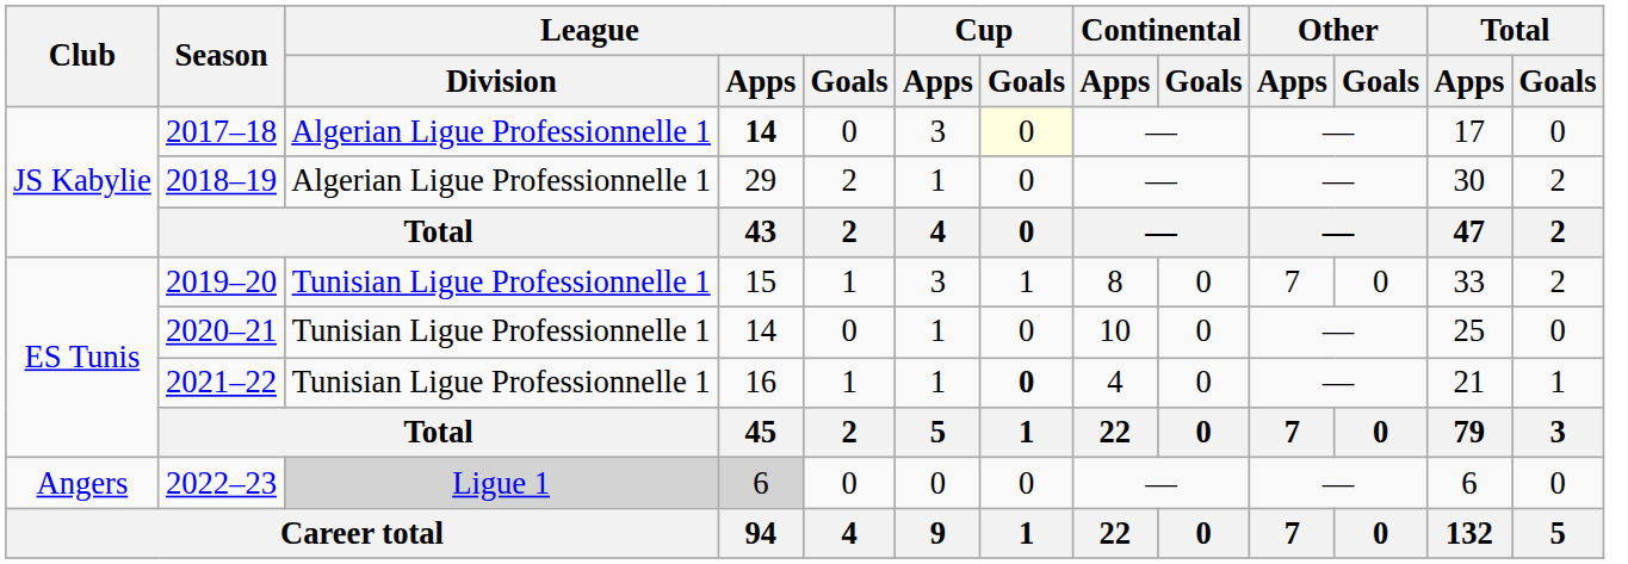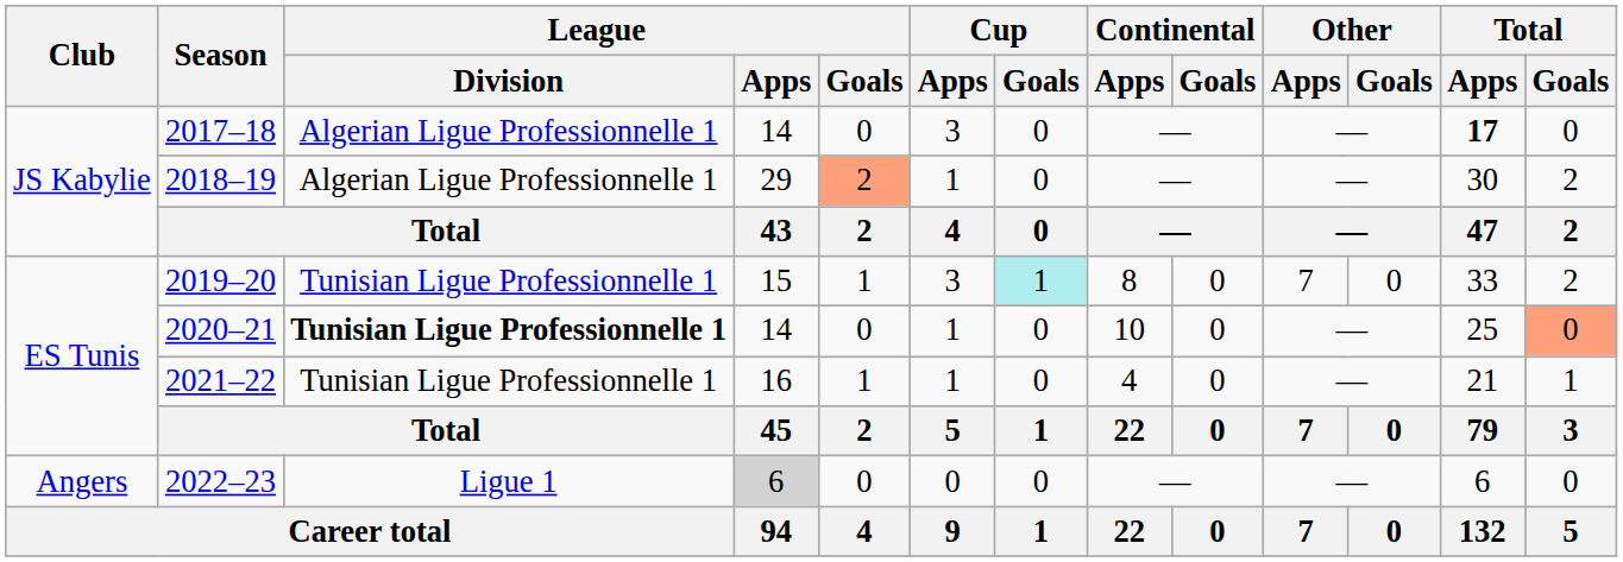 <table class="wikitable" style="text-align:center">
 <tr>
 <th rowspan="2">Club</th>
 <th rowspan="2">Season</th>
 <th colspan="3">League</th>
 <th colspan="2">Cup</th>
 <th colspan="2">Continental</th>
 <th colspan="2">Other</th>
 <th colspan="2">Total</th>
 </tr>
 <tr>
 <th>Division</th>
 <th>Apps</th>
 <th>Goals</th>
 <th>Apps</th>
 <th>Goals</th>
 <th>Apps</th>
 <th>Goals</th>
 <th>Apps</th>
 <th>Goals</th>
 <th>Apps</th>
 <th>Goals</th>
 </tr>
 <tr>
 <td rowspan="3"><a href='#'>JS Kabylie</a></td>
 <td><a href='#'>2017–18</a></td>
 <td><a href='#'>Algerian Ligue Professionnelle 1</a></td>
-<td><strong>14</strong></td>
+<td>14</td>
 <td>0</td>
 <td>3</td>
-<td style="background: lightyellow;">0</td>
+<td>0</td>
 <td colspan="2">—</td>
 <td colspan="2">—</td>
-<td>17</td>
+<td><strong>17</strong></td>
 <td>0</td>
 </tr>
 <tr>
 <td><a href='#'>2018–19</a></td>
 <td>Algerian Ligue Professionnelle 1</td>
 <td>29</td>
-<td>2</td>
+<td style="background: lightsalmon;">2</td>
 <td>1</td>
 <td>0</td>
 <td colspan="2">—</td>
 <td colspan="2">—</td>
 <td>30</td>
 <td>2</td>
 </tr>
 <tr>
 <th colspan="2">Total</th>
 <th>43</th>
 <th>2</th>
 <th>4</th>
 <th>0</th>
 <th colspan="2">—</th>
 <th colspan="2">—</th>
 <th>47</th>
 <th>2</th>
 </tr>
 <tr>
 <td rowspan="4"><a href='#'>ES Tunis</a></td>
 <td><a href='#'>2019–20</a></td>
 <td><a href='#'>Tunisian Ligue Professionnelle 1</a></td>
 <td>15</td>
 <td>1</td>
 <td>3</td>
-<td>1</td>
+<td style="background: paleturquoise;">1</td>
 <td>8</td>
 <td>0</td>
 <td>7</td>
 <td>0</td>
 <td>33</td>
 <td>2</td>
 </tr>
 <tr>
 <td><a href='#'>2020–21</a></td>
-<td>Tunisian Ligue Professionnelle 1</td>
+<td><strong>Tunisian Ligue Professionnelle 1</strong></td>
 <td>14</td>
 <td>0</td>
 <td>1</td>
 <td>0</td>
 <td>10</td>
 <td>0</td>
 <td colspan="2">—</td>
 <td>25</td>
-<td>0</td>
+<td style="background: lightsalmon;">0</td>
 </tr>
 <tr>
 <td><a href='#'>2021–22</a></td>
 <td>Tunisian Ligue Professionnelle 1</td>
 <td>16</td>
 <td>1</td>
 <td>1</td>
-<td><strong>0</strong></td>
+<td>0</td>
 <td>4</td>
 <td>0</td>
 <td colspan="2">—</td>
 <td>21</td>
 <td>1</td>
 </tr>
 <tr>
 <th colspan="2">Total</th>
 <th>45</th>
 <th>2</th>
 <th>5</th>
 <th>1</th>
 <th>22</th>
 <th>0</th>
 <th>7</th>
 <th>0</th>
 <th>79</th>
 <th>3</th>
 </tr>
 <tr>
 <td><a href='#'>Angers</a></td>
 <td><a href='#'>2022–23</a></td>
-<td style="background: lightgrey;"><a href='#'>Ligue 1</a></td>
+<td><a href='#'>Ligue 1</a></td>
 <td style="background: lightgrey;">6</td>
 <td>0</td>
 <td>0</td>
 <td>0</td>
 <td colspan="2">—</td>
 <td colspan="2">—</td>
 <td>6</td>
 <td>0</td>
 </tr>
 <tr>
 <th colspan="3">Career total</th>
 <th>94</th>
 <th>4</th>
 <th>9</th>
 <th>1</th>
 <th>22</th>
 <th>0</th>
 <th>7</th>
 <th>0</th>
 <th>132</th>
 <th>5</th>
 </tr>
 </table>
